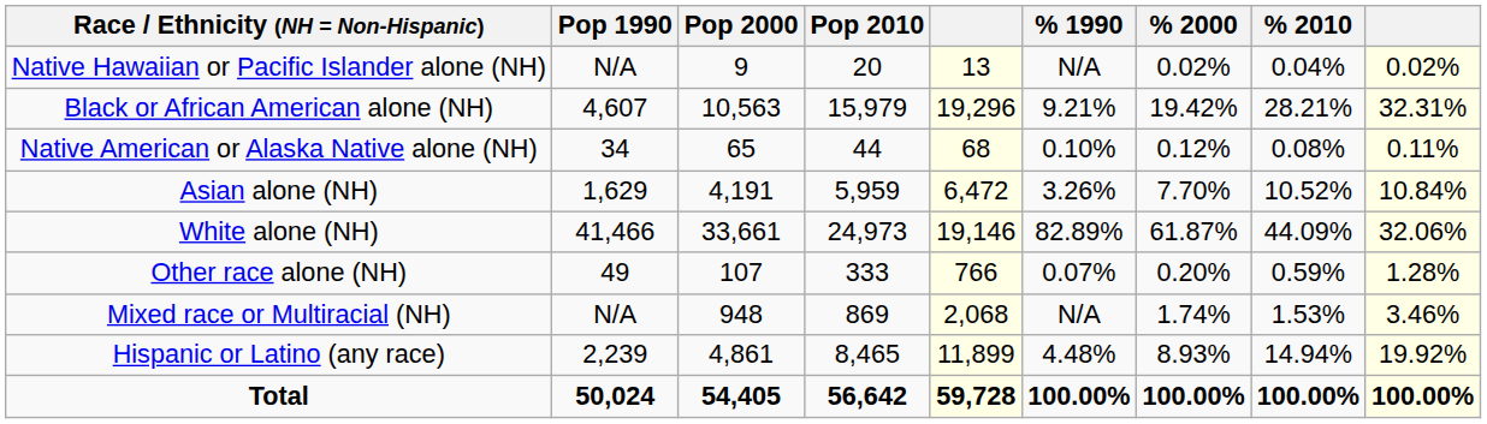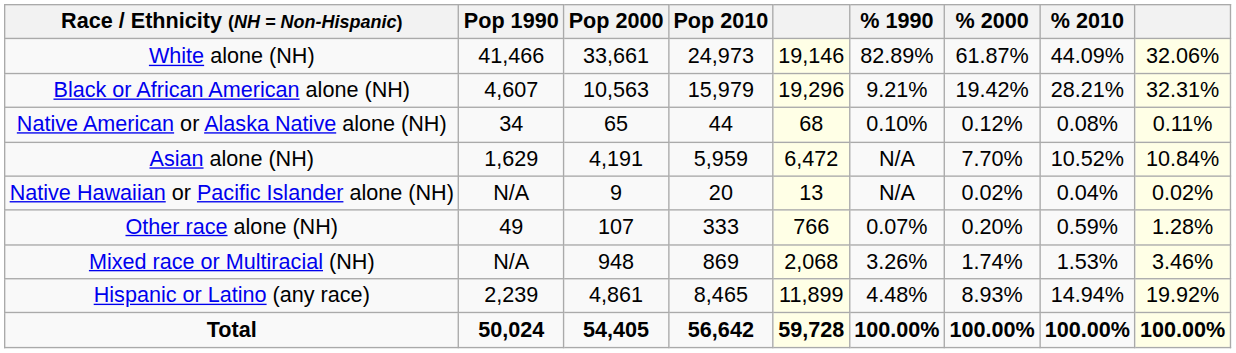 <table class="wikitable" style="text-align:center;">
 <tr>
 <th>Race / Ethnicity <small>(<em>NH = Non-Hispanic</em>)</small></th>
 <th>Pop 1990</th>
 <th>Pop 2000</th>
 <th>Pop 2010</th>
 <th></th>
 <th>% 1990</th>
 <th>% 2000</th>
 <th>% 2010</th>
 <th></th>
 </tr>
 <tr>
-<td><a href='#'>Native Hawaiian</a> or <a href='#'>Pacific Islander</a> alone (NH)</td>
-<td>N/A</td>
-<td>9</td>
-<td>20</td>
-<td style='background: #ffffe6;'>13</td>
-<td>N/A</td>
-<td>0.02%</td>
-<td>0.04%</td>
-<td style='background: #ffffe6;'>0.02%</td>
+<td><a href='#'>White</a> alone (NH)</td>
+<td>41,466</td>
+<td>33,661</td>
+<td>24,973</td>
+<td style='background: #ffffe6;'>19,146</td>
+<td>82.89%</td>
+<td>61.87%</td>
+<td>44.09%</td>
+<td style='background: #ffffe6;'>32.06%</td>
 </tr>
 <tr>
 <td><a href='#'>Black or African American</a> alone (NH)</td>
 <td>4,607</td>
 <td>10,563</td>
 <td>15,979</td>
 <td style='background: #ffffe6;'>19,296</td>
 <td>9.21%</td>
 <td>19.42%</td>
 <td>28.21%</td>
 <td style='background: #ffffe6;'>32.31%</td>
 </tr>
 <tr>
 <td><a href='#'>Native American</a> or <a href='#'>Alaska Native</a> alone (NH)</td>
 <td>34</td>
 <td>65</td>
 <td>44</td>
 <td style='background: #ffffe6;'>68</td>
 <td>0.10%</td>
 <td>0.12%</td>
 <td>0.08%</td>
 <td style='background: #ffffe6;'>0.11%</td>
 </tr>
 <tr>
 <td><a href='#'>Asian</a> alone (NH)</td>
 <td>1,629</td>
 <td>4,191</td>
 <td>5,959</td>
 <td style='background: #ffffe6;'>6,472</td>
-<td>3.26%</td>
+<td>N/A</td>
 <td>7.70%</td>
 <td>10.52%</td>
 <td style='background: #ffffe6;'>10.84%</td>
 </tr>
 <tr>
-<td><a href='#'>White</a> alone (NH)</td>
-<td>41,466</td>
-<td>33,661</td>
-<td>24,973</td>
-<td style='background: #ffffe6;'>19,146</td>
-<td>82.89%</td>
-<td>61.87%</td>
-<td>44.09%</td>
-<td style='background: #ffffe6;'>32.06%</td>
+<td><a href='#'>Native Hawaiian</a> or <a href='#'>Pacific Islander</a> alone (NH)</td>
+<td>N/A</td>
+<td>9</td>
+<td>20</td>
+<td style='background: #ffffe6;'>13</td>
+<td>N/A</td>
+<td>0.02%</td>
+<td>0.04%</td>
+<td style='background: #ffffe6;'>0.02%</td>
 </tr>
 <tr>
 <td><a href='#'>Other race</a> alone (NH)</td>
 <td>49</td>
 <td>107</td>
 <td>333</td>
 <td style='background: #ffffe6;'>766</td>
 <td>0.07%</td>
 <td>0.20%</td>
 <td>0.59%</td>
 <td style='background: #ffffe6;'>1.28%</td>
 </tr>
 <tr>
 <td><a href='#'>Mixed race or Multiracial</a> (NH)</td>
 <td>N/A</td>
 <td>948</td>
 <td>869</td>
 <td style='background: #ffffe6;'>2,068</td>
-<td>N/A</td>
+<td>3.26%</td>
 <td>1.74%</td>
 <td>1.53%</td>
 <td style='background: #ffffe6;'>3.46%</td>
 </tr>
 <tr>
 <td><a href='#'>Hispanic or Latino</a> (any race)</td>
 <td>2,239</td>
 <td>4,861</td>
 <td>8,465</td>
 <td style='background: #ffffe6;'>11,899</td>
 <td>4.48%</td>
 <td>8.93%</td>
 <td>14.94%</td>
 <td style='background: #ffffe6;'>19.92%</td>
 </tr>
 <tr>
 <td><strong>Total</strong></td>
 <td><strong>50,024</strong></td>
 <td><strong>54,405</strong></td>
 <td><strong>56,642</strong></td>
 <td style='background: #ffffe6;'><strong>59,728</strong></td>
 <td><strong>100.00%</strong></td>
 <td><strong>100.00%</strong></td>
 <td><strong>100.00%</strong></td>
 <td style='background: #ffffe6;'><strong>100.00%</strong></td>
 </tr>
 </table>
